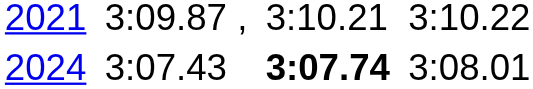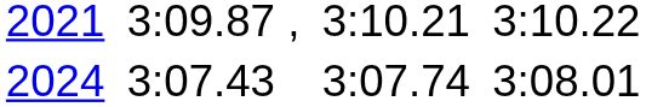 <table>
 <tr>
 <td><a href='#'>2021</a></td>
 <td></td>
 <td>3:09.87 , <strong></strong></td>
 <td></td>
 <td>3:10.21 <strong></strong></td>
 <td></td>
 <td>3:10.22 <strong></strong></td>
 </tr>
 <tr>
 <td><a href='#'>2024</a></td>
 <td></td>
 <td>3:07.43 <strong></strong> <strong></strong></td>
 <td></td>
-<td><strong>3:07.74</strong></td>
+<td>3:07.74</td>
 <td></td>
 <td>3:08.01 <strong></strong></td>
 </tr>
 </table>
